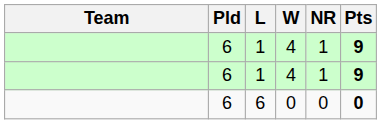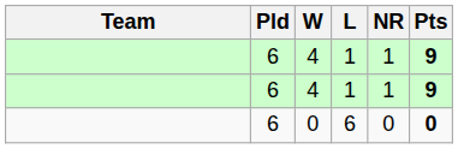 <table class="wikitable" style="text-align:center;">
 <tr>
 <th width=175>Team</th>
 <th width=20 abbr="Played">Pld</th>
+<th width=20 abbr="Won">W</th>
 <th width=20 abbr="Lost">L</th>
-<th width=20 abbr="Won">W</th>
 <th width=20 abbr="No result">NR</th>
 <th width=20 abbr="Points">Pts</th>
 </tr>
 <tr style="background:#ccffcc;">
 <td align="left"></td>
 <td>6</td>
+<td>4</td>
 <td>1</td>
-<td>4</td>
 <td>1</td>
 <td><strong>9</strong></td>
 </tr>
 <tr style="background:#ccffcc;">
 <td align="left"></td>
 <td>6</td>
+<td>4</td>
 <td>1</td>
-<td>4</td>
 <td>1</td>
 <td><strong>9</strong></td>
 </tr>
 <tr>
 <td align="left"></td>
 <td>6</td>
+<td>0</td>
 <td>6</td>
-<td>0</td>
 <td>0</td>
 <td><strong>0</strong></td>
 </tr>
 </table>
